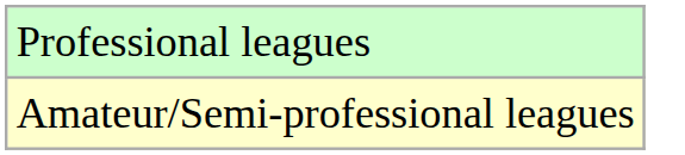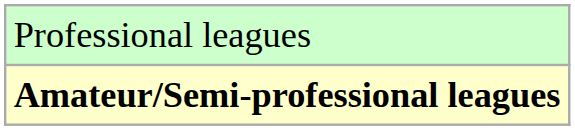 <table class="wikitable" style="font-size:95%">
 <tr bgcolor=#ccffcc>
 <td>Professional leagues</td>
 </tr>
 <tr bgcolor=#ffffcc>
-<td>Amateur/Semi-professional leagues</td>
+<td><strong>Amateur/Semi-professional leagues</strong></td>
 </tr>
 </table>
